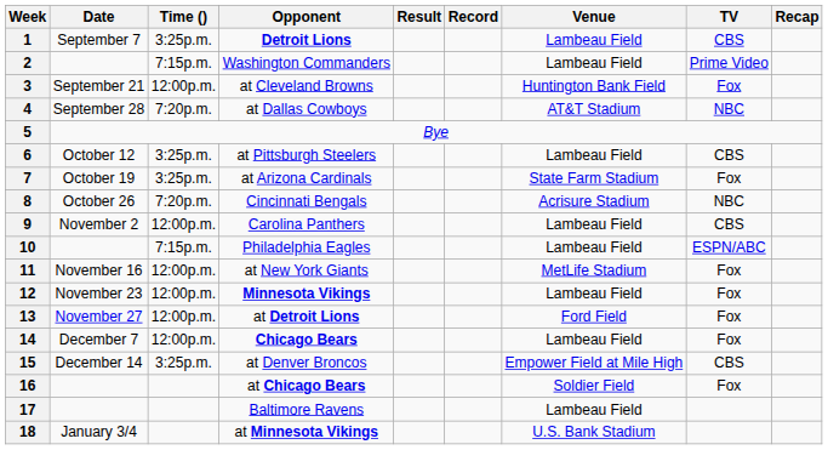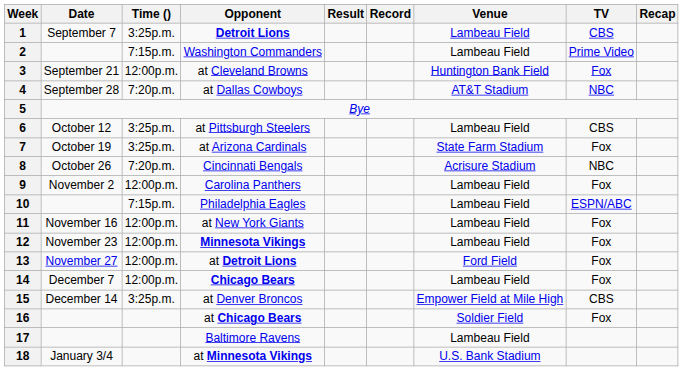 <table class="wikitable" style="text-align:center">
 <tr>
 <th>Week</th>
 <th>Date</th>
 <th>Time (<a href='#'></a>)</th>
 <th>Opponent</th>
 <th>Result</th>
 <th>Record</th>
 <th>Venue</th>
 <th>TV</th>
 <th>Recap</th>
 </tr>
 <tr>
 <th>1 </th>
 <td>September 7</td>
 <td>3:25p.m.</td>
 <td><strong><a href='#'>Detroit Lions</a></strong></td>
 <td></td>
 <td></td>
 <td><a href='#'>Lambeau Field</a></td>
 <td><a href='#'>CBS</a></td>
 <td></td>
 </tr>
 <tr>
 <th>2 </th>
 <td></td>
 <td>7:15p.m.</td>
 <td><a href='#'>Washington Commanders</a></td>
 <td></td>
 <td></td>
 <td>Lambeau Field</td>
 <td><a href='#'>Prime Video</a></td>
 <td></td>
 </tr>
 <tr>
 <th>3 </th>
 <td>September 21</td>
 <td>12:00p.m.</td>
 <td>at <a href='#'>Cleveland Browns</a></td>
 <td></td>
 <td></td>
 <td><a href='#'>Huntington Bank Field</a></td>
 <td><a href='#'>Fox</a></td>
 <td></td>
 </tr>
 <tr>
 <th>4 </th>
 <td>September 28</td>
 <td>7:20p.m.</td>
 <td>at <a href='#'>Dallas Cowboys</a></td>
 <td></td>
 <td></td>
 <td><a href='#'>AT&T Stadium</a></td>
 <td><a href='#'>NBC</a></td>
 <td></td>
 </tr>
 <tr>
 <th>5</th>
 <td colspan=8><em><a href='#'>Bye</a></em></td>
 </tr>
 <tr>
 <th>6 </th>
 <td>October 12</td>
 <td>3:25p.m.</td>
 <td>at <a href='#'>Pittsburgh Steelers</a></td>
 <td></td>
 <td></td>
 <td>Lambeau Field</td>
 <td>CBS</td>
 <td></td>
 </tr>
 <tr>
 <th>7 </th>
 <td>October 19</td>
 <td>3:25p.m.</td>
 <td>at <a href='#'>Arizona Cardinals</a></td>
 <td></td>
 <td></td>
 <td><a href='#'>State Farm Stadium</a></td>
 <td>Fox</td>
 <td></td>
 </tr>
 <tr>
 <th>8 </th>
 <td>October 26</td>
 <td>7:20p.m.</td>
 <td><a href='#'>Cincinnati Bengals</a></td>
 <td></td>
 <td></td>
 <td><a href='#'>Acrisure Stadium</a></td>
 <td>NBC</td>
 <td></td>
 </tr>
 <tr>
 <th>9 </th>
 <td>November 2</td>
 <td>12:00p.m.</td>
 <td><a href='#'>Carolina Panthers</a></td>
 <td></td>
 <td></td>
 <td>Lambeau Field</td>
-<td>CBS</td>
+<td>Fox</td>
 <td></td>
 </tr>
 <tr>
 <th>10 </th>
 <td></td>
 <td>7:15p.m.</td>
 <td><a href='#'>Philadelphia Eagles</a></td>
 <td></td>
 <td></td>
 <td>Lambeau Field</td>
 <td><a href='#'>ESPN/ABC</a></td>
 <td></td>
 </tr>
 <tr>
 <th>11 </th>
 <td>November 16</td>
 <td>12:00p.m.</td>
 <td>at <a href='#'>New York Giants</a></td>
 <td></td>
 <td></td>
-<td><a href='#'>MetLife Stadium</a></td>
+<td>Lambeau Field</td>
 <td>Fox</td>
 <td></td>
 </tr>
 <tr>
 <th>12 </th>
 <td>November 23</td>
 <td>12:00p.m.</td>
 <td><strong><a href='#'>Minnesota Vikings</a></strong></td>
 <td></td>
 <td></td>
 <td>Lambeau Field</td>
 <td>Fox</td>
 <td></td>
 </tr>
 <tr>
 <th>13 </th>
 <td><a href='#'>November 27</a></td>
 <td>12:00p.m.</td>
 <td>at <strong><a href='#'>Detroit Lions</a></strong></td>
 <td></td>
 <td></td>
 <td><a href='#'>Ford Field</a></td>
 <td>Fox</td>
 <td></td>
 </tr>
 <tr>
 <th>14 </th>
 <td>December 7</td>
 <td>12:00p.m.</td>
 <td><strong><a href='#'>Chicago Bears</a></strong></td>
 <td></td>
 <td></td>
 <td>Lambeau Field</td>
 <td>Fox</td>
 <td></td>
 </tr>
 <tr>
 <th>15 </th>
 <td>December 14</td>
 <td>3:25p.m.</td>
 <td>at <a href='#'>Denver Broncos</a></td>
 <td></td>
 <td></td>
 <td><a href='#'>Empower Field at Mile High</a></td>
 <td>CBS</td>
 <td></td>
 </tr>
 <tr>
 <th>16 </th>
 <td></td>
 <td></td>
 <td>at <strong><a href='#'>Chicago Bears</a></strong></td>
 <td></td>
 <td></td>
 <td><a href='#'>Soldier Field</a></td>
 <td>Fox</td>
 <td></td>
 </tr>
 <tr>
 <th>17 </th>
 <td></td>
 <td></td>
 <td><a href='#'>Baltimore Ravens</a></td>
 <td></td>
 <td></td>
 <td>Lambeau Field</td>
 <td></td>
 <td></td>
 </tr>
 <tr>
 <th>18 </th>
 <td>January 3/4</td>
 <td></td>
 <td>at <strong><a href='#'>Minnesota Vikings</a></strong></td>
 <td></td>
 <td></td>
 <td><a href='#'>U.S. Bank Stadium</a></td>
 <td></td>
 <td></td>
 </tr>
 </table>
